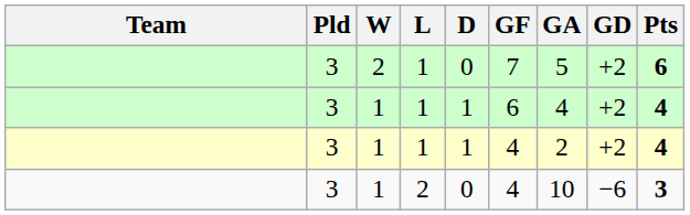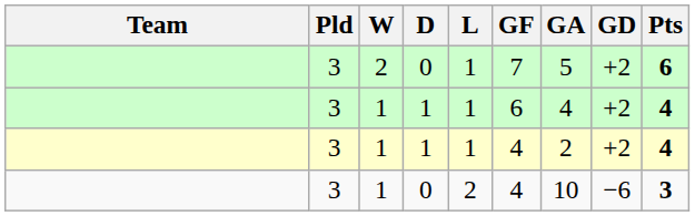 <table class="wikitable" style="text-align:center;">
 <tr>
 <th width=180>Team</th>
 <th width=20>Pld</th>
 <th width=20>W</th>
+<th width=20>D</th>
 <th width=20>L</th>
-<th width=20>D</th>
 <th width=20>GF</th>
 <th width=20>GA</th>
 <th width=20>GD</th>
 <th width=20>Pts</th>
 </tr>
 <tr align=center style="background:#ccffcc;">
 <td style="text-align:left;"></td>
 <td>3</td>
 <td>2</td>
+<td>0</td>
 <td>1</td>
-<td>0</td>
 <td>7</td>
 <td>5</td>
 <td>+2</td>
 <td><strong>6</strong></td>
 </tr>
 <tr align=center style="background:#ccffcc;">
 <td style="text-align:left;"></td>
 <td>3</td>
 <td>1</td>
 <td>1</td>
 <td>1</td>
 <td>6</td>
 <td>4</td>
 <td>+2</td>
 <td><strong>4</strong></td>
 </tr>
 <tr align=center style="background:#ffffcc;">
 <td style="text-align:left;"></td>
 <td>3</td>
 <td>1</td>
 <td>1</td>
 <td>1</td>
 <td>4</td>
 <td>2</td>
 <td>+2</td>
 <td><strong>4</strong></td>
 </tr>
 <tr align=center>
 <td style="text-align:left;"></td>
 <td>3</td>
 <td>1</td>
+<td>0</td>
 <td>2</td>
-<td>0</td>
 <td>4</td>
 <td>10</td>
 <td>−6</td>
 <td><strong>3</strong></td>
 </tr>
 </table>
